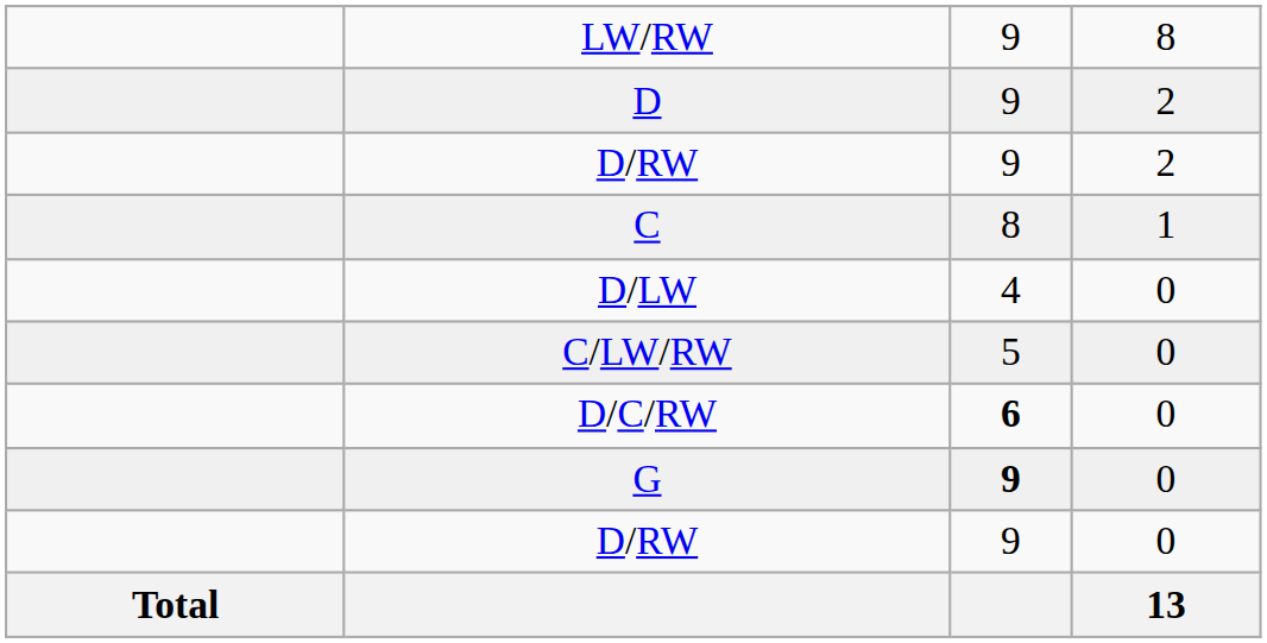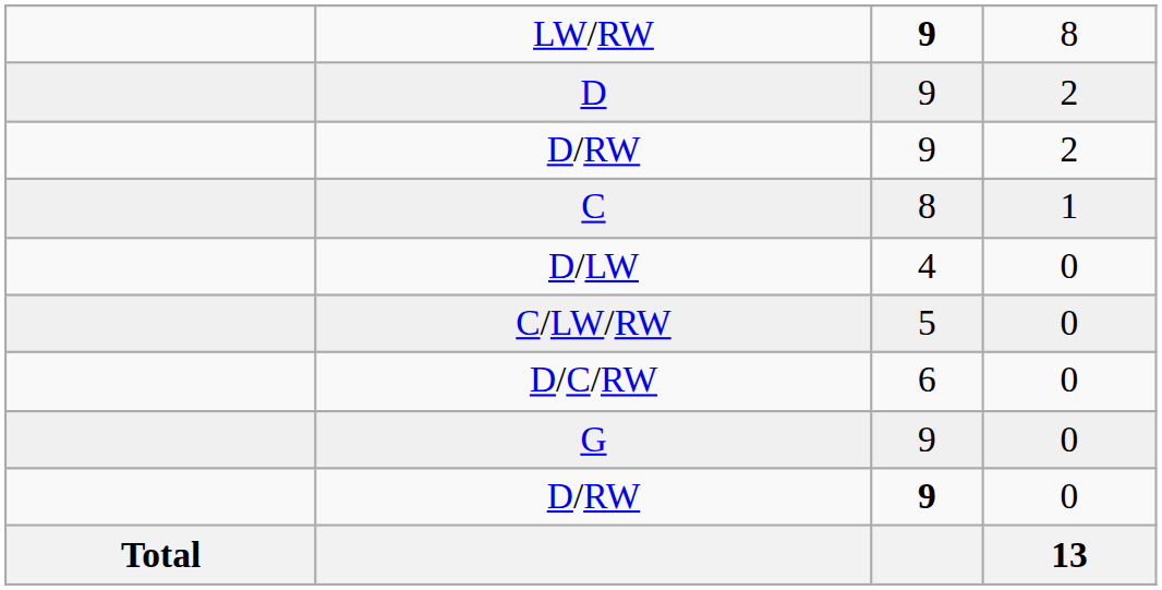 <table class="wikitable sortable" width ="40%">
 <tr align="center">
 </tr>
 <tr align="center" bgcolor="">
 <td></td>
 <td><a href='#'>LW</a>/<a href='#'>RW</a></td>
-<td>9</td>
+<td><strong>9</strong></td>
 <td>8</td>
 </tr>
 <tr align="center" bgcolor="f0f0f0">
 <td></td>
 <td><a href='#'>D</a></td>
 <td>9</td>
 <td>2</td>
 </tr>
 <tr align="center" bgcolor="">
 <td></td>
 <td><a href='#'>D</a>/<a href='#'>RW</a></td>
 <td>9</td>
 <td>2</td>
 </tr>
 <tr align="center" bgcolor="f0f0f0">
 <td></td>
 <td><a href='#'>C</a></td>
 <td>8</td>
 <td>1</td>
 </tr>
 <tr align="center" bgcolor="">
 <td></td>
 <td><a href='#'>D</a>/<a href='#'>LW</a></td>
 <td>4</td>
 <td>0</td>
 </tr>
 <tr align="center" bgcolor="f0f0f0">
 <td></td>
 <td><a href='#'>C</a>/<a href='#'>LW</a>/<a href='#'>RW</a></td>
 <td>5</td>
 <td>0</td>
 </tr>
 <tr align="center" bgcolor="">
 <td></td>
 <td><a href='#'>D</a>/<a href='#'>C</a>/<a href='#'>RW</a></td>
-<td><strong>6</strong></td>
+<td>6</td>
 <td>0</td>
 </tr>
 <tr align="center" bgcolor="f0f0f0">
 <td></td>
 <td><a href='#'>G</a></td>
-<td><strong>9</strong></td>
+<td>9</td>
 <td>0</td>
 </tr>
 <tr align="center" bgcolor="">
 <td></td>
 <td><a href='#'>D</a>/<a href='#'>RW</a></td>
-<td>9</td>
+<td><strong>9</strong></td>
 <td>0</td>
 </tr>
 <tr>
 <th>Total</th>
 <th></th>
 <th></th>
 <th>13</th>
 </tr>
 </table>
